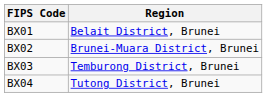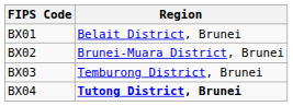 <table class="wikitable">
 <tr>
 <th>FIPS Code</th>
 <th>Region</th>
 </tr>
 <tr>
 <td>BX01</td>
 <td><a href='#'>Belait District</a>, Brunei</td>
 </tr>
 <tr>
 <td>BX02</td>
 <td><a href='#'>Brunei-Muara District</a>, Brunei</td>
 </tr>
 <tr>
 <td>BX03</td>
 <td><a href='#'>Temburong District</a>, Brunei</td>
 </tr>
 <tr>
 <td>BX04</td>
-<td><a href='#'>Tutong District</a>, Brunei</td>
+<td><strong><a href='#'>Tutong District</a>, Brunei</strong></td>
 </tr>
 </table>
